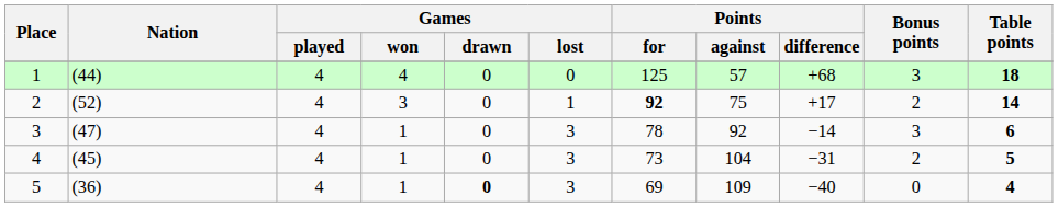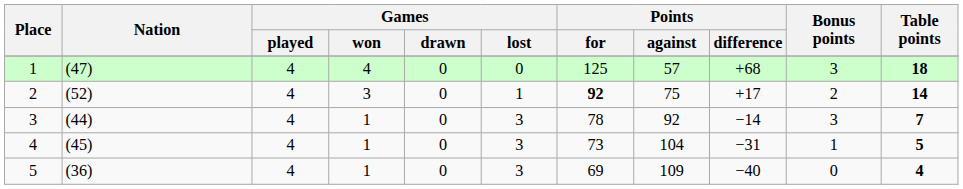 <table class="wikitable">
 <tr>
 <th rowspan=2 width="6%">Place</th>
 <th rowspan=2 width="20%">Nation</th>
 <th colspan=4 width="40%">Games</th>
 <th colspan=3 width="24%">Points</th>
 <th rowspan=2 width="10%">Bonus<br>points</th>
 <th rowspan=2 width="10%">Table<br>points</th>
 </tr>
 <tr>
 <th width="8%">played</th>
 <th width="8%">won</th>
 <th width="8%">drawn</th>
 <th width="8%">lost</th>
 <th width="8%">for</th>
 <th width="8%">against</th>
 <th width="8%">difference</th>
 </tr>
 <tr>
 </tr>
 <tr align=center bgcolor="#ccffcc">
 <td>1</td>
-<td align=left> (44)</td>
+<td align=left> (47)</td>
 <td>4</td>
 <td>4</td>
 <td>0</td>
 <td>0</td>
 <td>125</td>
 <td>57</td>
 <td>+68</td>
 <td>3</td>
 <td><strong>18</strong></td>
 </tr>
 <tr align=center>
 <td>2</td>
 <td align=left> (52)</td>
 <td>4</td>
 <td>3</td>
 <td>0</td>
 <td>1</td>
 <td><strong>92</strong></td>
 <td>75</td>
 <td>+17</td>
 <td>2</td>
 <td><strong>14</strong></td>
 </tr>
 <tr align=center>
 <td>3</td>
-<td align=left> (47)</td>
+<td align=left> (44)</td>
 <td>4</td>
 <td>1</td>
 <td>0</td>
 <td>3</td>
 <td>78</td>
 <td>92</td>
 <td>−14</td>
 <td>3</td>
-<td><strong>6</strong></td>
+<td><strong>7</strong></td>
 </tr>
 <tr align=center>
 <td>4</td>
 <td align=left> (45)</td>
 <td>4</td>
 <td>1</td>
 <td>0</td>
 <td>3</td>
 <td>73</td>
 <td>104</td>
 <td>−31</td>
-<td>2</td>
+<td>1</td>
 <td><strong>5</strong></td>
 </tr>
 <tr align=center>
 <td>5</td>
 <td align=left> (36)</td>
 <td>4</td>
 <td>1</td>
-<td><strong>0</strong></td>
+<td>0</td>
 <td>3</td>
 <td>69</td>
 <td>109</td>
 <td>−40</td>
 <td>0</td>
 <td><strong>4</strong></td>
 </tr>
 </table>
